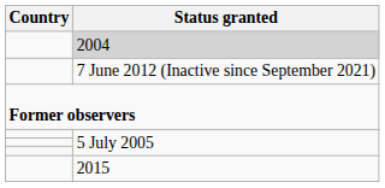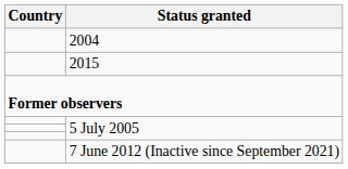 <table class=wikitable>
 <tr>
 <th>Country</th>
 <th>Status granted</th>
 </tr>
 <tr>
 <td></td>
-<td style="background: lightgrey;">2004</td>
+<td>2004</td>
 </tr>
 <tr>
 <td></td>
-<td>7 June 2012 (Inactive since September 2021)</td>
+<td>2015</td>
 </tr>
 <tr>
 <td colspan="2"><br><strong>Former observers</strong></td>
 </tr>
 <tr>
 <td></td>
 <td rowspan=3>5 July 2005</td>
 </tr>
 <tr>
 <td></td>
 </tr>
 <tr>
 <td></td>
 </tr>
 <tr>
 <td></td>
-<td>2015</td>
+<td>7 June 2012 (Inactive since September 2021)</td>
 </tr>
 </table>
